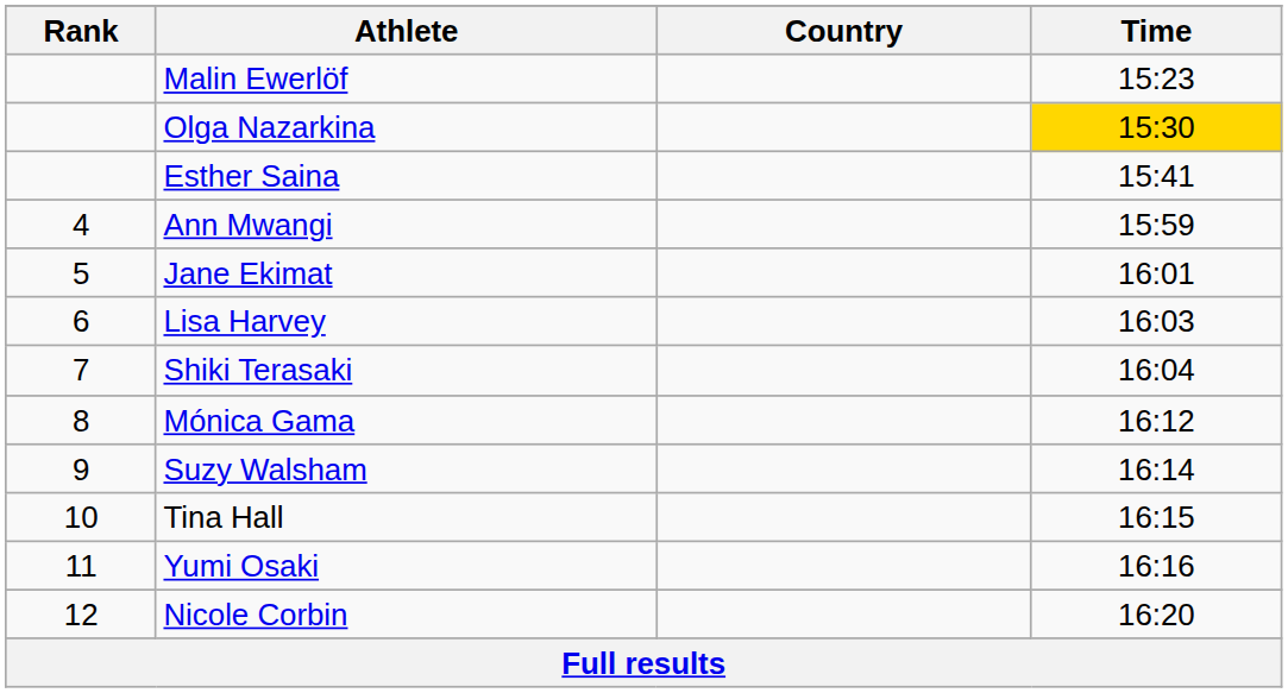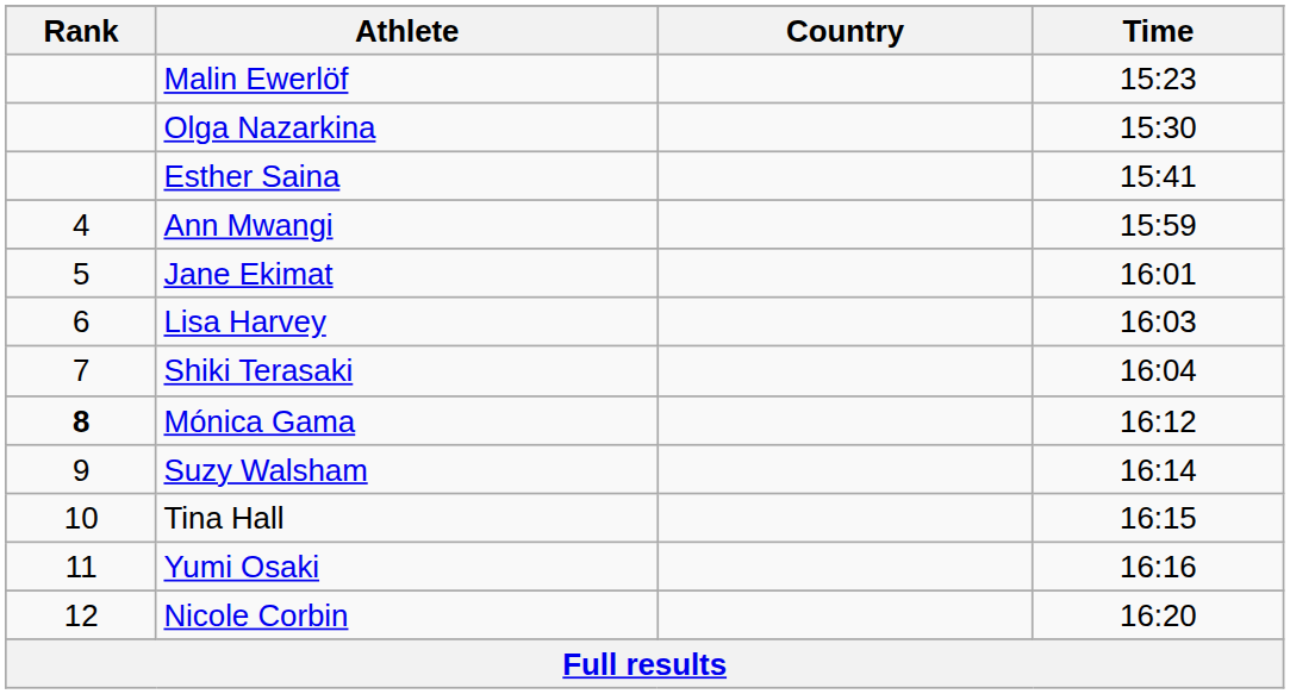 <table class="wikitable sortable" style=" text-align:center; font-size:95%;" width="50%">
 <tr>
 </tr>
 <tr>
 <th width=5%>Rank</th>
 <th width=20%>Athlete</th>
 <th width=15%>Country</th>
 <th width=10%>Time</th>
 </tr>
 <tr>
 <td align=center></td>
 <td align=left><a href='#'>Malin Ewerlöf</a></td>
 <td align=left></td>
 <td>15:23</td>
 </tr>
 <tr>
 <td align=center></td>
 <td align=left><a href='#'>Olga Nazarkina</a></td>
 <td align=left></td>
-<td style="background: gold;">15:30</td>
+<td>15:30</td>
 </tr>
 <tr>
 <td align=center></td>
 <td align=left><a href='#'>Esther Saina</a></td>
 <td align=left></td>
 <td>15:41</td>
 </tr>
 <tr>
 <td align=center>4</td>
 <td align=left><a href='#'>Ann Mwangi</a></td>
 <td align=left></td>
 <td>15:59</td>
 </tr>
 <tr>
 <td align=center>5</td>
 <td align=left><a href='#'>Jane Ekimat</a></td>
 <td align=left></td>
 <td>16:01</td>
 </tr>
 <tr>
 <td align=center>6</td>
 <td align=left><a href='#'>Lisa Harvey</a></td>
 <td align=left></td>
 <td>16:03</td>
 </tr>
 <tr>
 <td align=center>7</td>
 <td align=left><a href='#'>Shiki Terasaki</a></td>
 <td align=left></td>
 <td>16:04</td>
 </tr>
 <tr>
-<td align=center>8</td>
+<td align=center><strong>8</strong></td>
 <td align=left><a href='#'>Mónica Gama</a></td>
 <td align=left></td>
 <td>16:12</td>
 </tr>
 <tr>
 <td align=center>9</td>
 <td align=left><a href='#'>Suzy Walsham</a></td>
 <td align=left></td>
 <td>16:14</td>
 </tr>
 <tr>
 <td align=center>10</td>
 <td align=left>Tina Hall</td>
 <td align=left></td>
 <td>16:15</td>
 </tr>
 <tr>
 <td align=center>11</td>
 <td align=left><a href='#'>Yumi Osaki</a></td>
 <td align=left></td>
 <td>16:16</td>
 </tr>
 <tr>
 <td align=center>12</td>
 <td align=left><a href='#'>Nicole Corbin</a></td>
 <td align=left></td>
 <td>16:20</td>
 </tr>
 <tr class="sortbottom">
 <th colspan=4 align=center><a href='#'>Full results</a></th>
 </tr>
 </table>
